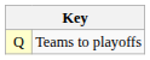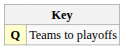 <table class="wikitable" style="text-align: center; font-size: 95%;">
 <tr>
 <th colspan="2">Key</th>
 </tr>
 <tr>
-<td style="background: #ffc; width: 20px;">Q</td>
+<td style="background: #ffc; width: 20px;"><strong>Q</strong></td>
 <td align=left>Teams to playoffs</td>
 </tr>
 </table>
